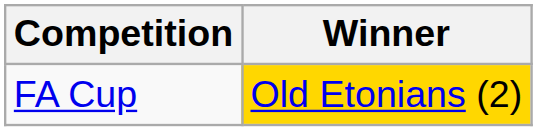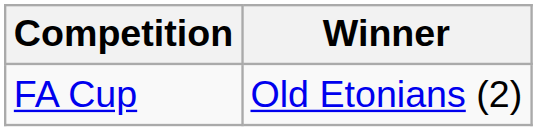 <table class="wikitable">
 <tr>
 <th>Competition</th>
 <th>Winner</th>
 </tr>
 <tr>
 <td><a href='#'>FA Cup</a></td>
-<td style="background: gold;"><a href='#'>Old Etonians</a> (2)</td>
+<td><a href='#'>Old Etonians</a> (2)</td>
 </tr>
 </table>
